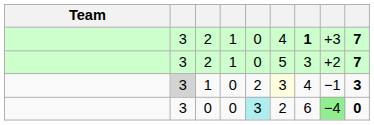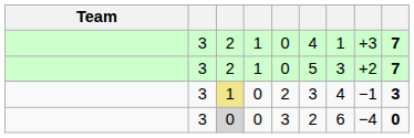 <table class="wikitable" style="text-align:center">
 <tr>
 <th width=175>Team</th>
 <th width=20></th>
 <th width=20></th>
 <th width=20></th>
 <th width=20></th>
 <th width=20></th>
 <th width=20></th>
 <th width=20></th>
 <th width=20></th>
 </tr>
 <tr bgcolor=ccffcc>
 <td align=left></td>
 <td>3</td>
 <td>2</td>
 <td>1</td>
 <td>0</td>
 <td>4</td>
-<td><strong>1</strong></td>
+<td>1</td>
 <td>+3</td>
 <td><strong>7</strong></td>
 </tr>
 <tr bgcolor=ccffcc>
 <td align=left></td>
 <td>3</td>
 <td>2</td>
 <td>1</td>
 <td>0</td>
 <td>5</td>
 <td>3</td>
 <td>+2</td>
 <td><strong>7</strong></td>
 </tr>
 <tr>
 <td align=left></td>
-<td style="background: lightgrey;">3</td>
-<td>1</td>
+<td>3</td>
+<td style="background: khaki;">1</td>
 <td>0</td>
 <td>2</td>
-<td style="background: lightyellow;">3</td>
+<td>3</td>
 <td>4</td>
 <td>−1</td>
 <td><strong>3</strong></td>
 </tr>
 <tr>
 <td align=left></td>
 <td>3</td>
+<td style="background: lightgrey;">0</td>
 <td>0</td>
-<td>0</td>
-<td style="background: paleturquoise;">3</td>
+<td>3</td>
 <td>2</td>
 <td>6</td>
-<td style="background: lightgreen;">−4</td>
+<td>−4</td>
 <td><strong>0</strong></td>
 </tr>
 </table>
